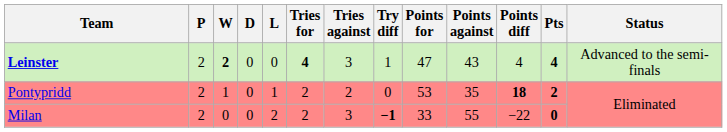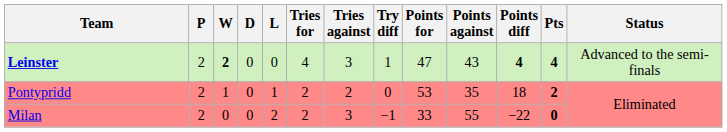 <table class="wikitable" style="text-align: center;">
 <tr>
 <th width="200">Team</th>
 <th width="20">P</th>
 <th width="20">W</th>
 <th width="20">D</th>
 <th width="20">L</th>
 <th width="20">Tries for</th>
 <th width="20">Tries against</th>
 <th width="20">Try diff</th>
 <th width="20">Points for</th>
 <th width="20">Points against</th>
 <th width="25">Points diff</th>
 <th width="20">Pts</th>
 <th width="167">Status</th>
 </tr>
 <tr bgcolor="#D0F0C0">
 <td align="left"> <strong><a href='#'>Leinster</a></strong></td>
 <td>2</td>
 <td><strong>2</strong></td>
 <td>0</td>
 <td>0</td>
-<td><strong>4</strong></td>
+<td>4</td>
 <td>3</td>
 <td>1</td>
 <td>47</td>
 <td>43</td>
-<td>4</td>
+<td><strong>4</strong></td>
 <td><strong>4</strong></td>
 <td>Advanced to the semi-finals</td>
 </tr>
 <tr bgcolor=#FF8888>
 <td align="left"> <a href='#'>Pontypridd</a></td>
 <td>2</td>
 <td>1</td>
 <td>0</td>
 <td>1</td>
 <td>2</td>
 <td>2</td>
 <td>0</td>
 <td>53</td>
 <td>35</td>
-<td><strong>18</strong></td>
+<td>18</td>
 <td><strong>2</strong></td>
 <td rowspan=2>Eliminated</td>
 </tr>
 <tr bgcolor=#FF8888>
 <td align="left"> <a href='#'>Milan</a></td>
 <td>2</td>
 <td>0</td>
 <td>0</td>
 <td>2</td>
 <td>2</td>
 <td>3</td>
-<td><strong>−1</strong></td>
+<td>−1</td>
 <td>33</td>
 <td>55</td>
 <td>−22</td>
 <td><strong>0</strong></td>
 </tr>
 </table>
